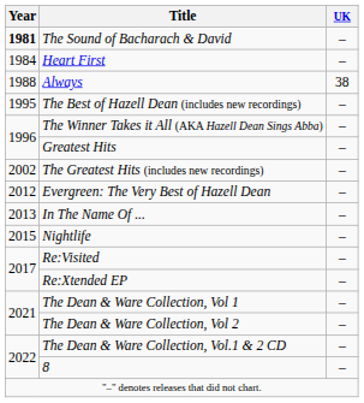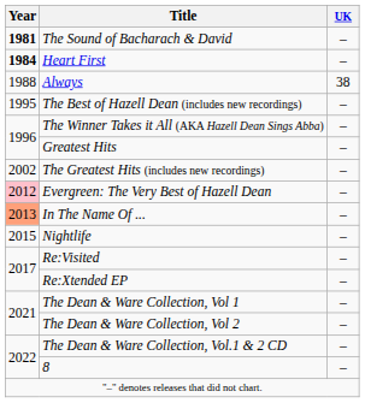 <table class="wikitable">
 <tr>
 <th style="text-align:center;">Year</th>
 <th style="text-align:center;">Title</th>
 <th style="text-align:center; width:30px;"><small><a href='#'>UK</a></small><br></th>
 </tr>
 <tr>
 <td><strong>1981</strong></td>
 <td style="text-align:left; vertical-align:top;"><em>The Sound of Bacharach & David</em></td>
 <td style="text-align:center; vertical-align:top;">–</td>
 </tr>
 <tr>
-<td>1984</td>
+<td><strong>1984</strong></td>
 <td style="text-align:left; vertical-align:top;"><em><a href='#'>Heart First</a></em></td>
 <td style="text-align:center; vertical-align:top;">–</td>
 </tr>
 <tr>
 <td>1988</td>
 <td style="text-align:left; vertical-align:top;"><em><a href='#'>Always</a></em></td>
 <td style="text-align:center; vertical-align:top;">38</td>
 </tr>
 <tr>
 <td>1995</td>
 <td style="text-align:left; vertical-align:top;"><em>The Best of Hazell Dean</em> <small>(includes new recordings)</small></td>
 <td style="text-align:center; vertical-align:top;">–</td>
 </tr>
 <tr>
 <td rowspan="2">1996</td>
 <td style="text-align:left; vertical-align:top;"><em>The Winner Takes it All</em> <small>(AKA <em>Hazell Dean Sings Abba</em>)</small></td>
 <td style="text-align:center; vertical-align:top;">–</td>
 </tr>
 <tr style="vertical-align:top;">
 <td style="text-align:left; "><em>Greatest Hits</em></td>
 <td style="text-align:center; ">–</td>
 </tr>
 <tr>
 <td>2002</td>
 <td style="text-align:left; vertical-align:top;"><em>The Greatest Hits</em> <small>(includes new recordings)</small></td>
 <td style="text-align:center; vertical-align:top;">–</td>
 </tr>
 <tr>
-<td>2012</td>
+<td style="background: pink;">2012</td>
 <td style="text-align:left, vertical-align:top;"><em>Evergreen: The Very Best of Hazell Dean</em></td>
 <td style="text-align:center; vertical-align:top;">–</td>
 </tr>
 <tr>
-<td>2013</td>
+<td style="background: lightsalmon;">2013</td>
 <td style="text-align:left; vertical-align:top;"><em>In The Name Of ...</em></td>
 <td style="text-align:center; vertical-align:top;">–</td>
 </tr>
 <tr>
 <td>2015</td>
 <td style="text-align:left; vertical-align:top;"><em>Nightlife</em></td>
 <td style="text-align:center; vertical-align:top;">–</td>
 </tr>
 <tr>
 <td rowspan="2">2017</td>
 <td style="text-align:left; vertical-align:top;"><em>Re:Visited</em></td>
 <td style="text-align:center; vertical-align:top;">–</td>
 </tr>
 <tr style="vertical-align:top;">
 <td style="text-align:left; "><em>Re:Xtended EP</em></td>
 <td style="text-align:center; ">–</td>
 </tr>
 <tr>
 <td rowspan ="2">2021</td>
 <td style="text-align:left; vertical-align:top;"><em>The Dean & Ware Collection, Vol 1</em></td>
 <td style="text-align:center; vertical-align:top;">–</td>
 </tr>
 <tr>
 <td style="text-align:left; vertical-align:top;"><em>The Dean & Ware Collection, Vol 2</em></td>
 <td style="text-align:center; vertical-align:top;">–</td>
 </tr>
 <tr>
 <td rowspan ="2">2022</td>
 <td style="text-align:left; vertical-align:top;"><em>The Dean & Ware Collection, Vol.1 & 2 CD</em></td>
 <td style="text-align:center; vertical-align:top;">–</td>
 </tr>
 <tr>
 <td style="text-align:left; vertical-align:top;"><em>8</em></td>
 <td style="text-align:center; vertical-align:top;">–</td>
 </tr>
 <tr>
 <td colspan="6" style="text-align:center; font-size:9pt;">"–" denotes releases that did not chart.</td>
 </tr>
 </table>
